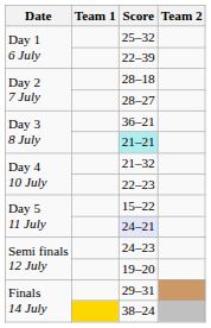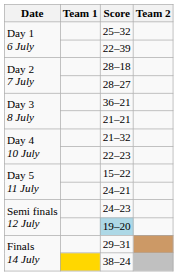 <table class="wikitable">
 <tr>
 <th>Date</th>
 <th>Team 1</th>
 <th>Score</th>
 <th>Team 2</th>
 </tr>
 <tr>
 <td rowspan=2>Day 1<br><em>6 July</em></td>
 <td align=right></td>
 <td>25–32</td>
 <td></td>
 </tr>
 <tr>
 <td align=right></td>
 <td>22–39</td>
 <td></td>
 </tr>
 <tr>
 <td rowspan=2>Day 2<br><em>7 July</em></td>
 <td align=right></td>
 <td>28–18</td>
 <td></td>
 </tr>
 <tr>
 <td align=right></td>
 <td>28–27</td>
 <td></td>
 </tr>
 <tr>
 <td rowspan=2>Day 3<br><em>8 July</em></td>
 <td align=right></td>
 <td>36–21</td>
 <td></td>
 </tr>
 <tr>
 <td align=right></td>
-<td style="background: paleturquoise;">21–21</td>
+<td>21–21</td>
 <td></td>
 </tr>
 <tr>
 <td rowspan=2>Day 4<br><em>10 July</em></td>
 <td align=right></td>
 <td>21–32</td>
 <td></td>
 </tr>
 <tr>
 <td align=right></td>
 <td>22–23</td>
 <td></td>
 </tr>
 <tr>
 <td rowspan=2>Day 5<br><em>11 July</em></td>
 <td align=right></td>
 <td>15–22</td>
 <td></td>
 </tr>
 <tr>
 <td align=right></td>
-<td style="background: lavender;">24–21</td>
+<td>24–21</td>
 <td></td>
 </tr>
 <tr>
 <td rowspan=2>Semi finals<br><em>12 July</em></td>
 <td align=right></td>
 <td>24–23</td>
 <td></td>
 </tr>
 <tr>
 <td align=right></td>
-<td>19–20</td>
+<td style="background: lightblue;">19–20</td>
 <td></td>
 </tr>
 <tr>
 <td rowspan=2>Finals<br><em>14 July</em></td>
 <td align=right></td>
 <td>29–31</td>
 <td bgcolor="#c96"></td>
 </tr>
 <tr>
 <td align=right bgcolor="gold"></td>
 <td>38–24</td>
 <td bgcolor="silver"></td>
 </tr>
 </table>
